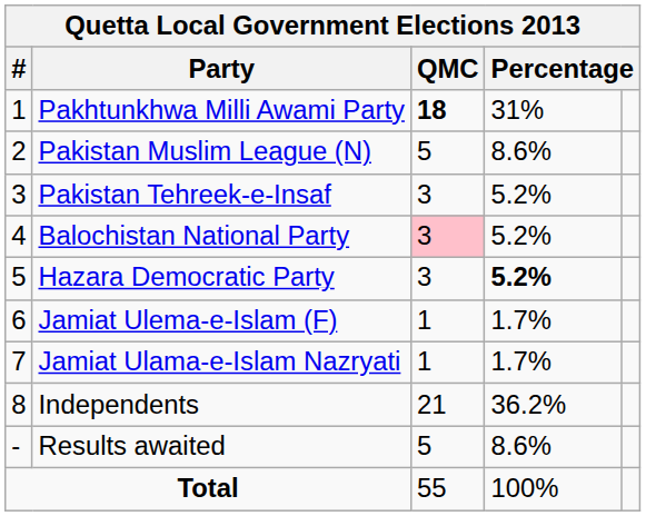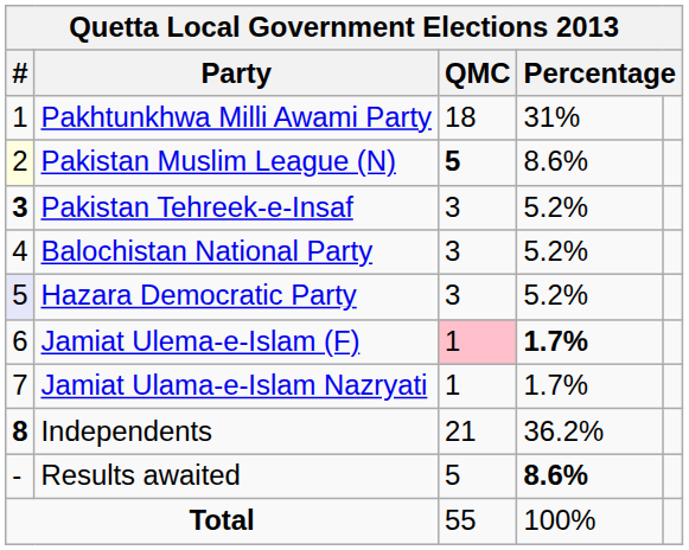 <table class="wikitable">
 <tr>
 <th colspan="5">Quetta Local Government Elections 2013 </th>
 </tr>
 <tr>
 <th>#</th>
 <th>Party</th>
 <th>QMC</th>
 <th colspan="2">Percentage</th>
 </tr>
 <tr>
 <td>1</td>
 <td> <a href='#'>Pakhtunkhwa Milli Awami Party</a></td>
-<td><strong>18</strong></td>
+<td>18</td>
 <td>31%</td>
 <td></td>
 </tr>
 <tr>
-<td>2</td>
+<td style="background: lightyellow;">2</td>
 <td><a href='#'>Pakistan Muslim League (N)</a></td>
-<td>5</td>
+<td><strong>5</strong></td>
 <td>8.6%</td>
 <td></td>
 </tr>
 <tr>
-<td>3</td>
+<td><strong>3</strong></td>
 <td> <a href='#'>Pakistan Tehreek-e-Insaf</a></td>
 <td>3</td>
 <td>5.2%</td>
 <td></td>
 </tr>
 <tr>
 <td>4</td>
 <td> <a href='#'>Balochistan National Party</a></td>
-<td style="background: pink;">3</td>
+<td>3</td>
 <td>5.2%</td>
 <td></td>
 </tr>
 <tr>
-<td>5</td>
+<td style="background: lavender;">5</td>
 <td> <a href='#'>Hazara Democratic Party</a></td>
 <td>3</td>
-<td><strong>5.2%</strong></td>
+<td>5.2%</td>
 <td></td>
 </tr>
 <tr>
 <td>6</td>
 <td><a href='#'>Jamiat Ulema-e-Islam (F)</a></td>
-<td>1</td>
-<td>1.7%</td>
+<td style="background: pink;">1</td>
+<td><strong>1.7%</strong></td>
 <td></td>
 </tr>
 <tr>
 <td>7</td>
 <td><a href='#'>Jamiat Ulama-e-Islam Nazryati</a></td>
 <td>1</td>
 <td>1.7%</td>
 <td></td>
 </tr>
 <tr>
-<td>8</td>
+<td><strong>8</strong></td>
 <td>Independents</td>
 <td>21</td>
 <td>36.2%</td>
 <td></td>
 </tr>
 <tr>
 <td>-</td>
 <td>Results awaited</td>
 <td>5</td>
-<td>8.6%</td>
+<td><strong>8.6%</strong></td>
 <td></td>
 </tr>
 <tr>
 <td colspan="2" style="text-align:center;"><strong>Total</strong></td>
 <td>55</td>
 <td>100%</td>
 <td></td>
 </tr>
 </table>
